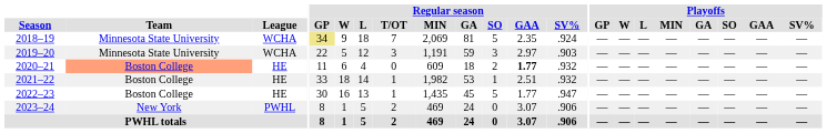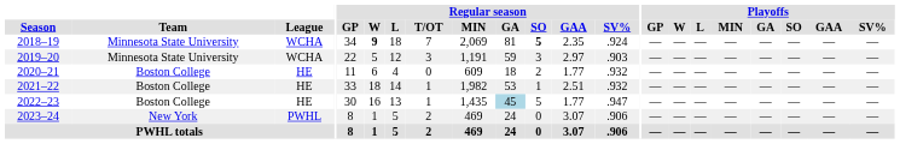 <table border="0" cellpadding="1" cellspacing="0" ID="Table3" style="text-align:center; width:75%;">
 <tr style="background:#e0e0e0;">
 <th colspan="3" style="background:#fff;"></th>
 <th rowspan="99" style="background:#fff;"></th>
 <th colspan="9" style="background:#e0e0e0;"><a href='#'>Regular season</a></th>
 <th rowspan="99" style="background:#fff;"></th>
 <th colspan="8" style="background:#e0e0e0;"><a href='#'>Playoffs</a></th>
 </tr>
 <tr bgcolor="#e0e0e0">
 <th><a href='#'>Season</a></th>
 <th>Team</th>
 <th>League</th>
 <th>GP</th>
 <th>W</th>
 <th>L</th>
 <th>T/OT</th>
 <th>MIN</th>
 <th>GA</th>
 <th><a href='#'>SO</a></th>
 <th><a href='#'>GAA</a></th>
 <th><a href='#'>SV%</a></th>
 <th>GP</th>
 <th>W</th>
 <th>L</th>
 <th>MIN</th>
 <th>GA</th>
 <th>SO</th>
 <th>GAA</th>
 <th>SV%</th>
 </tr>
 <tr>
 <td><a href='#'>2018–19</a></td>
 <td><a href='#'>Minnesota State University</a></td>
 <td><a href='#'>WCHA</a></td>
-<td style="background: khaki;">34</td>
-<td>9</td>
+<td>34</td>
+<td><strong>9</strong></td>
 <td>18</td>
 <td>7</td>
 <td>2,069</td>
 <td>81</td>
-<td>5</td>
+<td><strong>5</strong></td>
 <td>2.35</td>
 <td>.924</td>
 <td>—</td>
 <td>—</td>
 <td>—</td>
 <td>—</td>
 <td>—</td>
 <td>—</td>
 <td>—</td>
 <td>—</td>
 </tr>
 <tr bgcolor="#f0f0f0">
 <td><a href='#'>2019–20</a></td>
 <td>Minnesota State University</td>
 <td>WCHA</td>
 <td>22</td>
 <td>5</td>
 <td>12</td>
 <td>3</td>
 <td>1,191</td>
 <td>59</td>
 <td>3</td>
 <td>2.97</td>
 <td>.903</td>
 <td>—</td>
 <td>—</td>
 <td>—</td>
 <td>—</td>
 <td>—</td>
 <td>—</td>
 <td>—</td>
 <td>—</td>
 </tr>
 <tr>
 <td><a href='#'>2020–21</a></td>
-<td style="background: lightsalmon;"><a href='#'>Boston College</a></td>
+<td><a href='#'>Boston College</a></td>
 <td><a href='#'>HE</a></td>
 <td>11</td>
 <td>6</td>
 <td>4</td>
 <td>0</td>
 <td>609</td>
 <td>18</td>
 <td>2</td>
-<td><strong>1.77</strong></td>
+<td>1.77</td>
 <td>.932</td>
 <td>—</td>
 <td>—</td>
 <td>—</td>
 <td>—</td>
 <td>—</td>
 <td>—</td>
 <td>—</td>
 <td>—</td>
 </tr>
 <tr bgcolor="#f0f0f0">
 <td><a href='#'>2021–22</a></td>
 <td>Boston College</td>
 <td>HE</td>
 <td>33</td>
 <td>18</td>
 <td>14</td>
 <td>1</td>
 <td>1,982</td>
 <td>53</td>
 <td>1</td>
 <td>2.51</td>
 <td>.932</td>
 <td>—</td>
 <td>—</td>
 <td>—</td>
 <td>—</td>
 <td>—</td>
 <td>—</td>
 <td>—</td>
 <td>—</td>
 </tr>
 <tr>
 <td><a href='#'>2022–23</a></td>
 <td>Boston College</td>
 <td>HE</td>
 <td>30</td>
 <td>16</td>
 <td>13</td>
 <td>1</td>
 <td>1,435</td>
-<td>45</td>
+<td style="background: lightblue;">45</td>
 <td>5</td>
 <td>1.77</td>
 <td>.947</td>
 <td>—</td>
 <td>—</td>
 <td>—</td>
 <td>—</td>
 <td>—</td>
 <td>—</td>
 <td>—</td>
 <td>—</td>
 </tr>
 <tr bgcolor="f0f0f0">
 <td><a href='#'>2023–24</a></td>
 <td><a href='#'>New York</a></td>
 <td><a href='#'>PWHL</a></td>
 <td>8</td>
 <td>1</td>
 <td>5</td>
 <td>2</td>
 <td>469</td>
 <td>24</td>
 <td>0</td>
 <td>3.07</td>
 <td>.906</td>
 <td>—</td>
 <td>—</td>
 <td>—</td>
 <td>—</td>
 <td>—</td>
 <td>—</td>
 <td>—</td>
 <td>—</td>
 </tr>
 <tr bgcolor="#e0e0e0">
 <th colspan="3">PWHL totals</th>
 <th>8</th>
 <th>1</th>
 <th>5</th>
 <th>2</th>
 <th>469</th>
 <th>24</th>
 <th>0</th>
 <th>3.07</th>
 <th>.906</th>
 <th>—</th>
 <th>—</th>
 <th>—</th>
 <th>—</th>
 <th>—</th>
 <th>—</th>
 <th>—</th>
 <th>—</th>
 </tr>
 </table>
